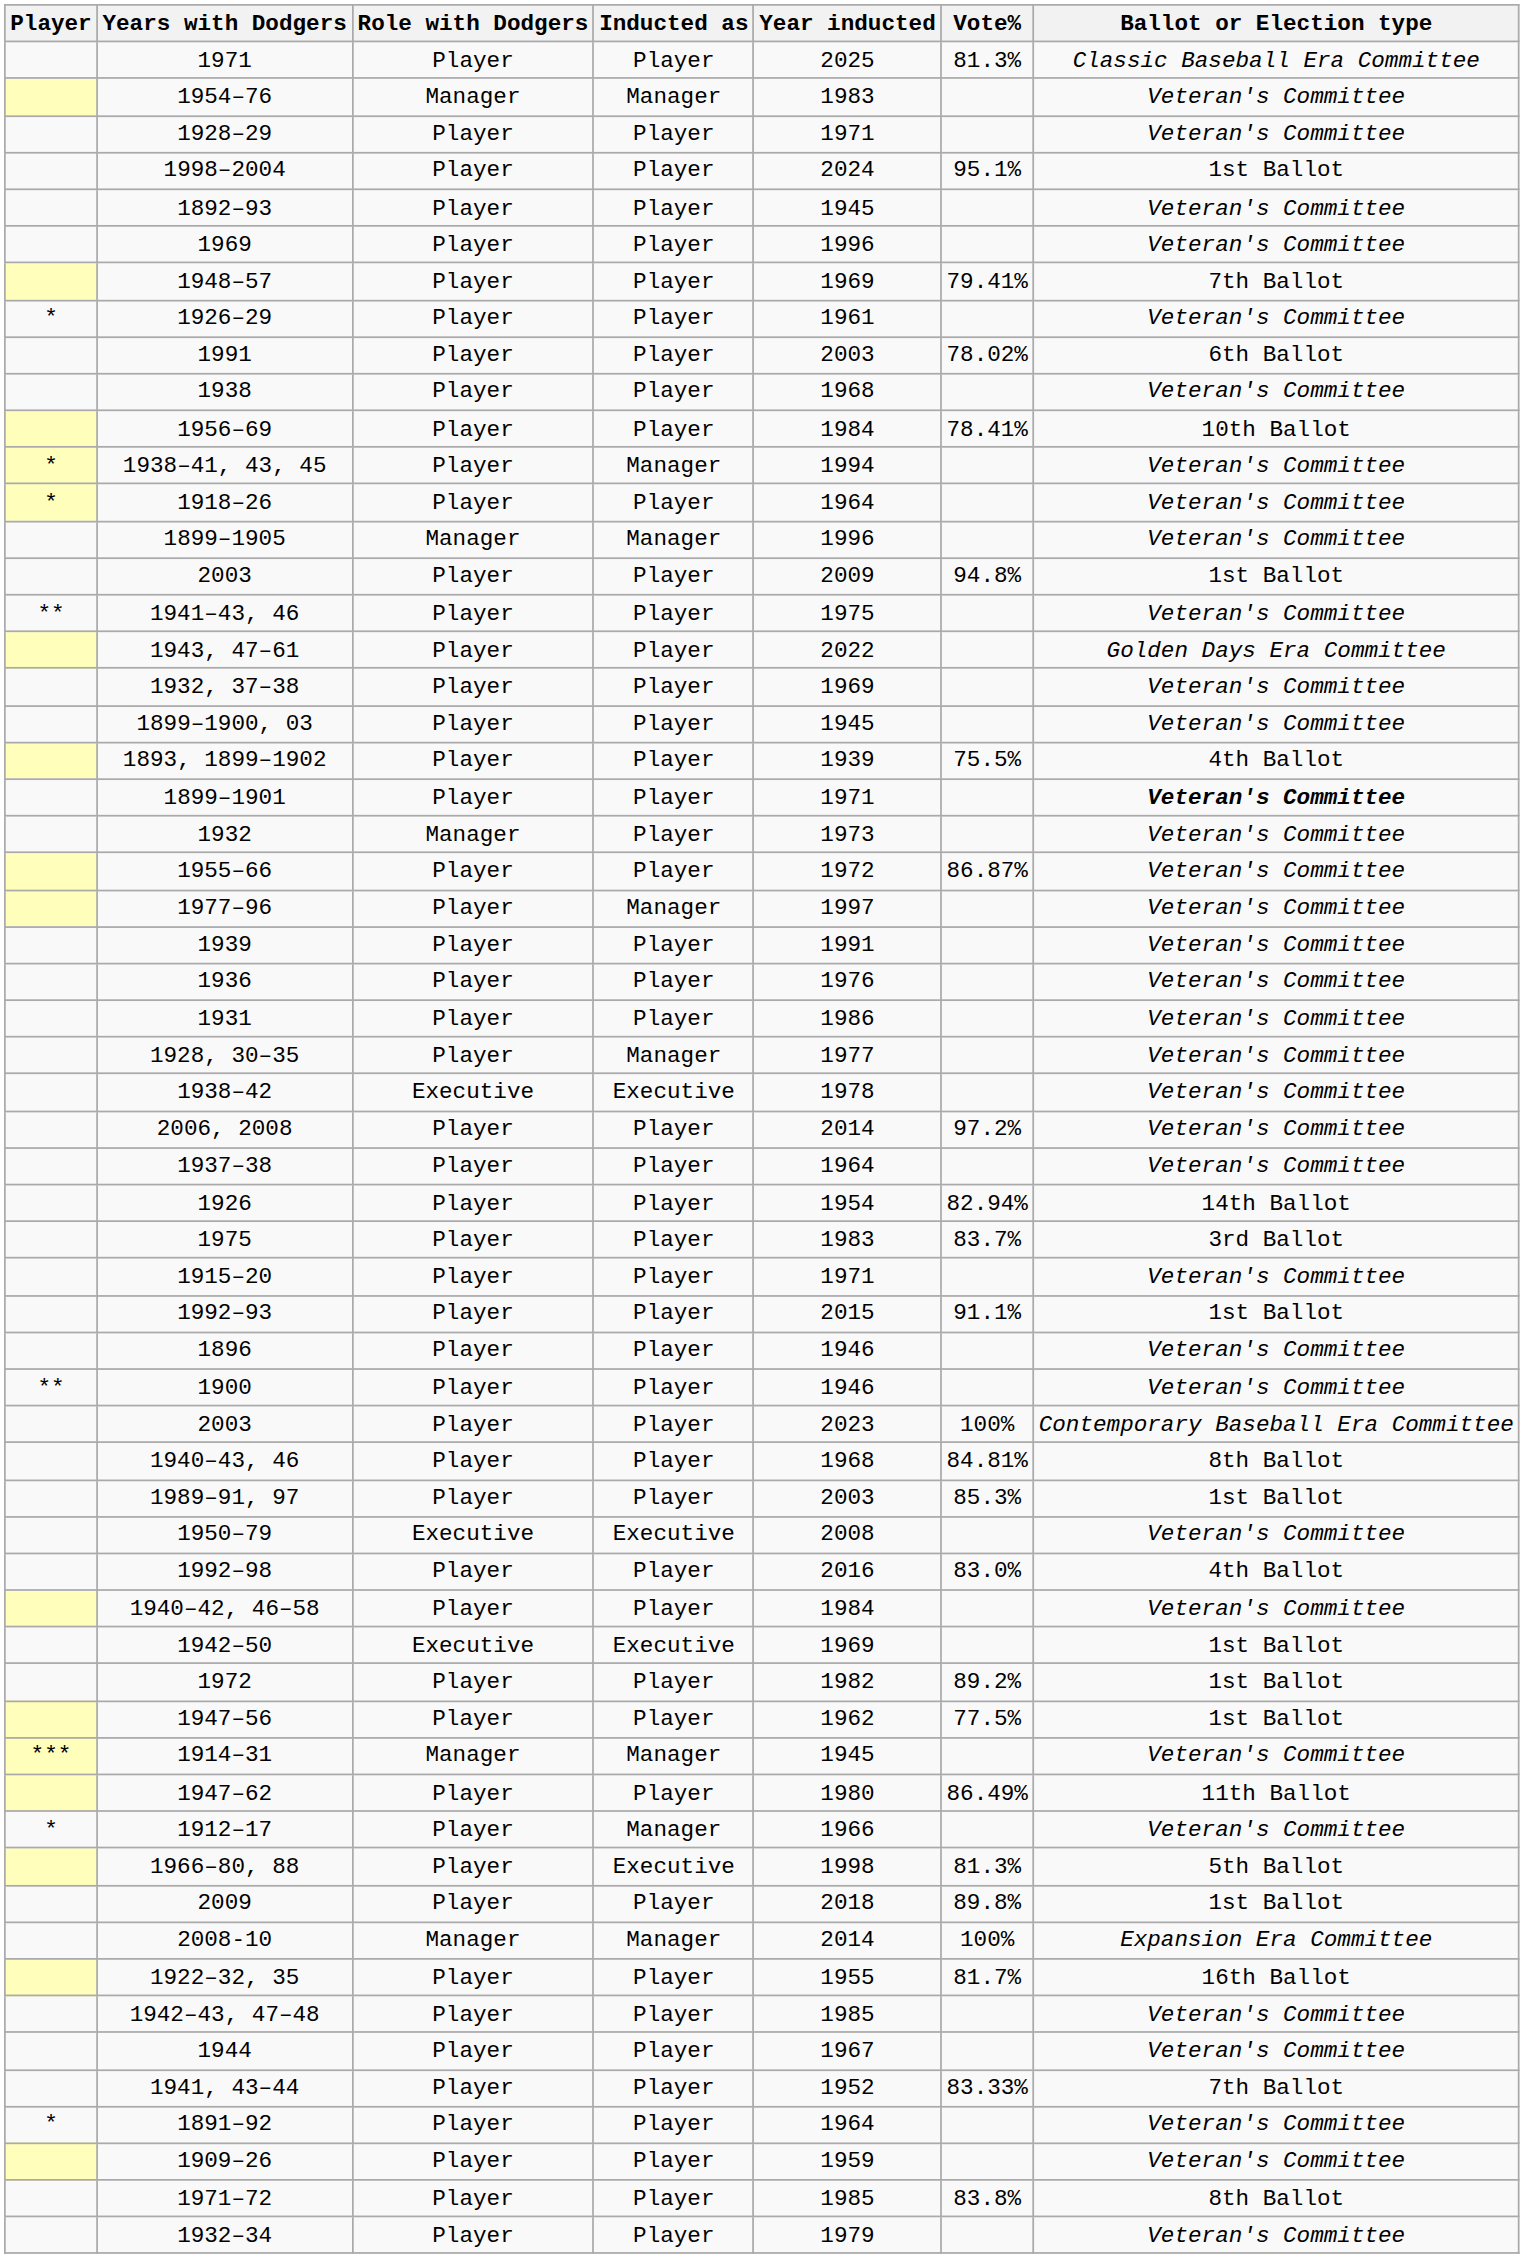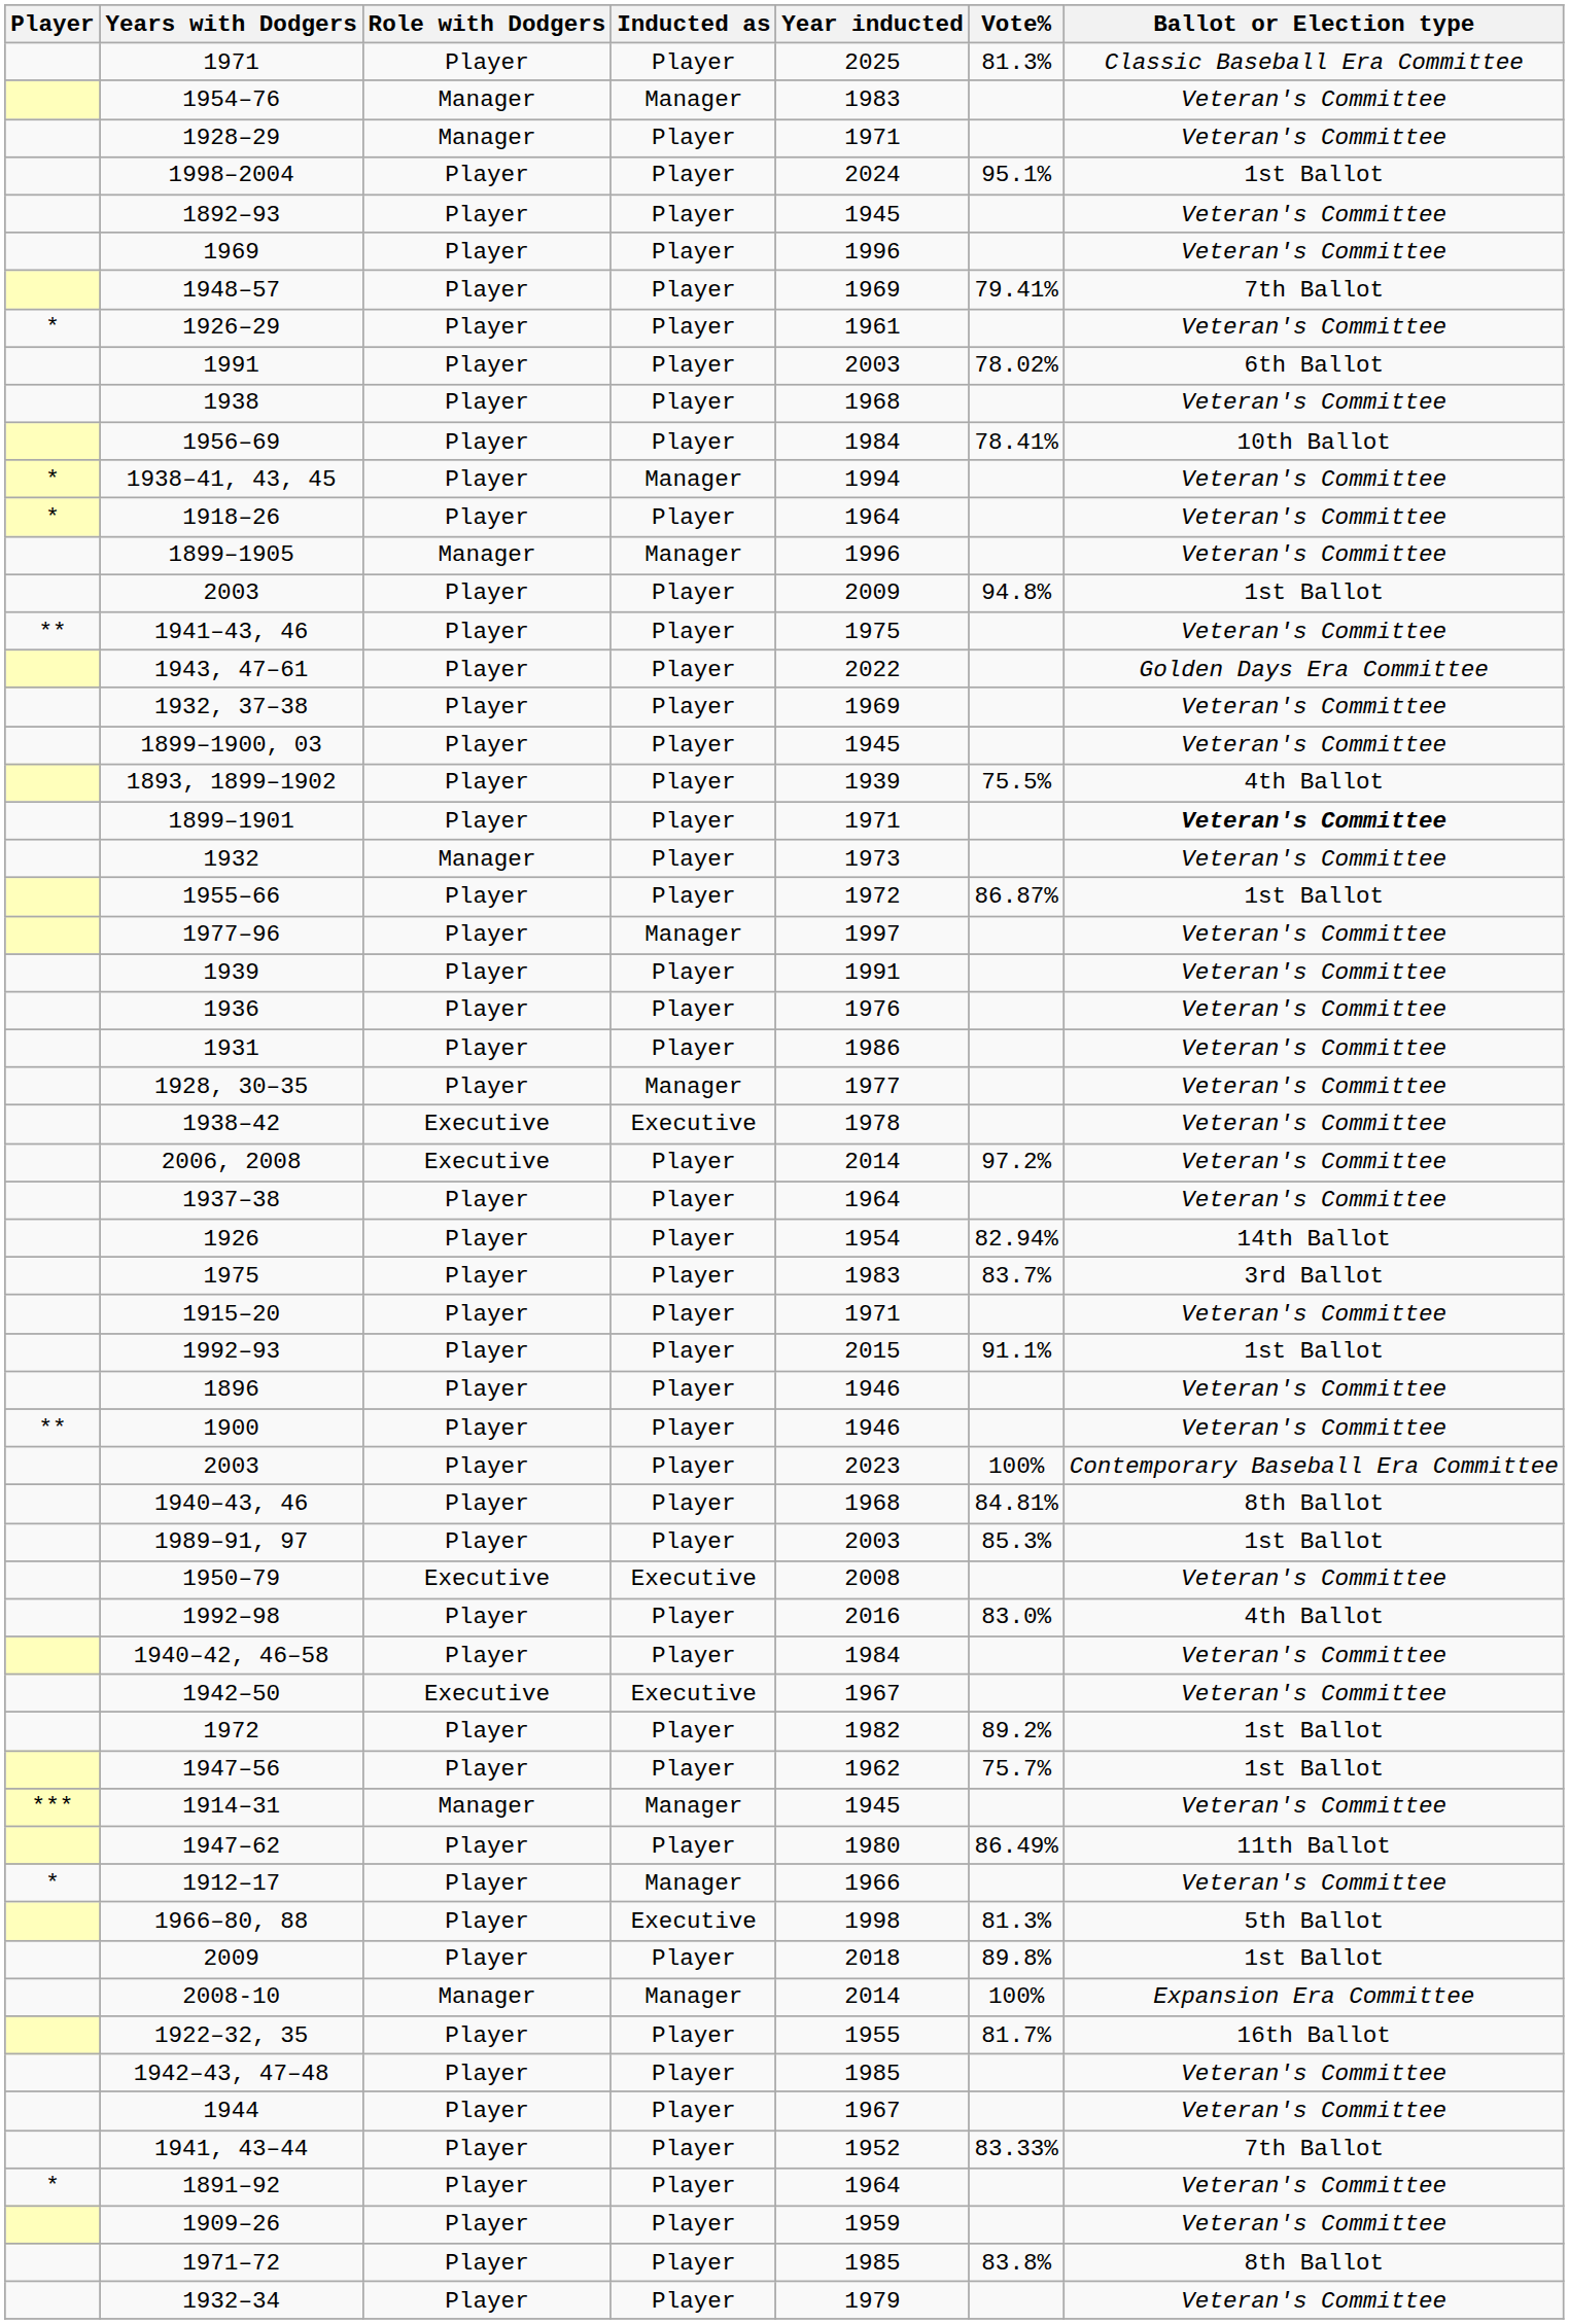 <table class="wikitable sortable" style="text-align:center">
 <tr>
 <th>Player</th>
 <th>Years with Dodgers</th>
 <th>Role with Dodgers</th>
 <th>Inducted as</th>
 <th>Year inducted</th>
 <th>Vote%</th>
 <th>Ballot or Election type</th>
 </tr>
 <tr>
 <td></td>
 <td>1971</td>
 <td>Player</td>
 <td>Player</td>
 <td>2025</td>
 <td>81.3%</td>
 <td><em>Classic Baseball Era Committee</em></td>
 </tr>
 <tr>
 <td style="background:#ffb;"></td>
 <td>1954–76</td>
 <td>Manager</td>
 <td>Manager</td>
 <td>1983</td>
 <td></td>
 <td><em>Veteran's Committee</em></td>
 </tr>
 <tr>
 <td></td>
 <td>1928–29</td>
-<td>Player</td>
+<td>Manager</td>
 <td>Player</td>
 <td>1971</td>
 <td></td>
 <td><em>Veteran's Committee</em></td>
 </tr>
 <tr>
 <td></td>
 <td>1998–2004</td>
 <td>Player</td>
 <td>Player</td>
 <td>2024</td>
 <td>95.1%</td>
 <td>1st Ballot</td>
 </tr>
 <tr>
 <td></td>
 <td>1892–93</td>
 <td>Player</td>
 <td>Player</td>
 <td>1945</td>
 <td></td>
 <td><em>Veteran's Committee</em></td>
 </tr>
 <tr>
 <td></td>
 <td>1969</td>
 <td>Player</td>
 <td>Player</td>
 <td>1996</td>
 <td></td>
 <td><em>Veteran's Committee</em></td>
 </tr>
 <tr>
 <td style="background:#ffb;"></td>
 <td>1948–57</td>
 <td>Player</td>
 <td>Player</td>
 <td>1969</td>
 <td>79.41%</td>
 <td>7th Ballot</td>
 </tr>
 <tr>
 <td>*</td>
 <td>1926–29</td>
 <td>Player</td>
 <td>Player</td>
 <td>1961</td>
 <td></td>
 <td><em>Veteran's Committee</em></td>
 </tr>
 <tr>
 <td></td>
 <td>1991</td>
 <td>Player</td>
 <td>Player</td>
 <td>2003</td>
 <td>78.02%</td>
 <td>6th Ballot</td>
 </tr>
 <tr>
 <td></td>
 <td>1938</td>
 <td>Player</td>
 <td>Player</td>
 <td>1968</td>
 <td></td>
 <td><em>Veteran's Committee</em></td>
 </tr>
 <tr>
 <td style="background:#ffb;"></td>
 <td>1956–69</td>
 <td>Player</td>
 <td>Player</td>
 <td>1984</td>
 <td>78.41%</td>
 <td>10th Ballot</td>
 </tr>
 <tr>
 <td style="background:#ffb;">*</td>
 <td>1938–41, 43, 45</td>
 <td>Player</td>
 <td>Manager</td>
 <td>1994</td>
 <td></td>
 <td><em>Veteran's Committee</em></td>
 </tr>
 <tr>
 <td style="background:#ffb;">*</td>
 <td>1918–26</td>
 <td>Player</td>
 <td>Player</td>
 <td>1964</td>
 <td></td>
 <td><em>Veteran's Committee</em></td>
 </tr>
 <tr>
 <td></td>
 <td>1899–1905</td>
 <td>Manager</td>
 <td>Manager</td>
 <td>1996</td>
 <td></td>
 <td><em>Veteran's Committee</em></td>
 </tr>
 <tr>
 <td></td>
 <td>2003</td>
 <td>Player</td>
 <td>Player</td>
 <td>2009</td>
 <td>94.8%</td>
 <td>1st Ballot</td>
 </tr>
 <tr>
 <td>**</td>
 <td>1941–43, 46</td>
 <td>Player</td>
 <td>Player</td>
 <td>1975</td>
 <td></td>
 <td><em>Veteran's Committee</em></td>
 </tr>
 <tr>
 <td style="background:#ffb;"></td>
 <td>1943, 47–61</td>
 <td>Player</td>
 <td>Player</td>
 <td>2022</td>
 <td></td>
 <td><em>Golden Days Era Committee</em></td>
 </tr>
 <tr>
 <td></td>
 <td>1932, 37–38</td>
 <td>Player</td>
 <td>Player</td>
 <td>1969</td>
 <td></td>
 <td><em>Veteran's Committee</em></td>
 </tr>
 <tr>
 <td></td>
 <td>1899–1900, 03</td>
 <td>Player</td>
 <td>Player</td>
 <td>1945</td>
 <td></td>
 <td><em>Veteran's Committee</em></td>
 </tr>
 <tr>
 <td style="background:#ffb;"></td>
 <td>1893, 1899–1902</td>
 <td>Player</td>
 <td>Player</td>
 <td>1939</td>
 <td>75.5%</td>
 <td>4th Ballot</td>
 </tr>
 <tr>
 <td></td>
 <td>1899–1901</td>
 <td>Player</td>
 <td>Player</td>
 <td>1971</td>
 <td></td>
 <td><strong><em>Veteran's Committee</em></strong></td>
 </tr>
 <tr>
 <td></td>
 <td>1932</td>
 <td>Manager</td>
 <td>Player</td>
 <td>1973</td>
 <td></td>
 <td><em>Veteran's Committee</em></td>
 </tr>
 <tr>
 <td style="background:#ffb;"></td>
 <td>1955–66</td>
 <td>Player</td>
 <td>Player</td>
 <td>1972</td>
 <td>86.87%</td>
-<td><em>Veteran's Committee</em></td>
+<td>1st Ballot</td>
 </tr>
 <tr>
 <td style="background:#ffb;"></td>
 <td>1977–96</td>
 <td>Player</td>
 <td>Manager</td>
 <td>1997</td>
 <td></td>
 <td><em>Veteran's Committee</em></td>
 </tr>
 <tr>
 <td></td>
 <td>1939</td>
 <td>Player</td>
 <td>Player</td>
 <td>1991</td>
 <td></td>
 <td><em>Veteran's Committee</em></td>
 </tr>
 <tr>
 <td></td>
 <td>1936</td>
 <td>Player</td>
 <td>Player</td>
 <td>1976</td>
 <td></td>
 <td><em>Veteran's Committee</em></td>
 </tr>
 <tr>
 <td></td>
 <td>1931</td>
 <td>Player</td>
 <td>Player</td>
 <td>1986</td>
 <td></td>
 <td><em>Veteran's Committee</em></td>
 </tr>
 <tr>
 <td></td>
 <td>1928, 30–35</td>
 <td>Player</td>
 <td>Manager</td>
 <td>1977</td>
 <td></td>
 <td><em>Veteran's Committee</em></td>
 </tr>
 <tr>
 <td></td>
 <td>1938–42</td>
 <td>Executive</td>
 <td>Executive</td>
 <td>1978</td>
 <td></td>
 <td><em>Veteran's Committee</em></td>
 </tr>
 <tr>
 <td></td>
 <td>2006, 2008</td>
-<td>Player</td>
+<td>Executive</td>
 <td>Player</td>
 <td>2014</td>
 <td>97.2%</td>
 <td><em>Veteran's Committee</em></td>
 </tr>
 <tr>
 <td></td>
 <td>1937–38</td>
 <td>Player</td>
 <td>Player</td>
 <td>1964</td>
 <td></td>
 <td><em>Veteran's Committee</em></td>
 </tr>
 <tr>
 <td></td>
 <td>1926</td>
 <td>Player</td>
 <td>Player</td>
 <td>1954</td>
 <td>82.94%</td>
 <td>14th Ballot</td>
 </tr>
 <tr>
 <td></td>
 <td>1975</td>
 <td>Player</td>
 <td>Player</td>
 <td>1983</td>
 <td>83.7%</td>
 <td>3rd Ballot</td>
 </tr>
 <tr>
 <td></td>
 <td>1915–20</td>
 <td>Player</td>
 <td>Player</td>
 <td>1971</td>
 <td></td>
 <td><em>Veteran's Committee</em></td>
 </tr>
 <tr>
 <td></td>
 <td>1992–93</td>
 <td>Player</td>
 <td>Player</td>
 <td>2015</td>
 <td>91.1%</td>
 <td>1st Ballot</td>
 </tr>
 <tr>
 <td></td>
 <td>1896</td>
 <td>Player</td>
 <td>Player</td>
 <td>1946</td>
 <td></td>
 <td><em>Veteran's Committee</em></td>
 </tr>
 <tr>
 <td>**</td>
 <td>1900</td>
 <td>Player</td>
 <td>Player</td>
 <td>1946</td>
 <td></td>
 <td><em>Veteran's Committee</em></td>
 </tr>
 <tr>
 <td></td>
 <td>2003</td>
 <td>Player</td>
 <td>Player</td>
 <td>2023</td>
 <td>100%</td>
 <td><em>Contemporary Baseball Era Committee</em></td>
 </tr>
 <tr>
 <td></td>
 <td>1940–43, 46</td>
 <td>Player</td>
 <td>Player</td>
 <td>1968</td>
 <td>84.81%</td>
 <td>8th Ballot</td>
 </tr>
 <tr>
 <td></td>
 <td>1989–91, 97</td>
 <td>Player</td>
 <td>Player</td>
 <td>2003</td>
 <td>85.3%</td>
 <td>1st Ballot</td>
 </tr>
 <tr>
 <td></td>
 <td>1950–79</td>
 <td>Executive</td>
 <td>Executive</td>
 <td>2008</td>
 <td></td>
 <td><em>Veteran's Committee</em></td>
 </tr>
 <tr>
 <td></td>
 <td>1992–98</td>
 <td>Player</td>
 <td>Player</td>
 <td>2016</td>
 <td>83.0%</td>
 <td>4th Ballot</td>
 </tr>
 <tr>
 <td style="background:#ffb;"></td>
 <td>1940–42, 46–58</td>
 <td>Player</td>
 <td>Player</td>
 <td>1984</td>
 <td></td>
 <td><em>Veteran's Committee</em></td>
 </tr>
 <tr>
 <td></td>
 <td>1942–50</td>
 <td>Executive</td>
 <td>Executive</td>
-<td>1969</td>
+<td>1967</td>
 <td></td>
-<td>1st Ballot</td>
+<td><em>Veteran's Committee</em></td>
 </tr>
 <tr>
 <td></td>
 <td>1972</td>
 <td>Player</td>
 <td>Player</td>
 <td>1982</td>
 <td>89.2%</td>
 <td>1st Ballot</td>
 </tr>
 <tr>
 <td style="background:#ffb;"></td>
 <td>1947–56</td>
 <td>Player</td>
 <td>Player</td>
 <td>1962</td>
-<td>77.5%</td>
+<td>75.7%</td>
 <td>1st Ballot</td>
 </tr>
 <tr>
 <td style="background:#ffb;">***</td>
 <td>1914–31</td>
 <td>Manager</td>
 <td>Manager</td>
 <td>1945</td>
 <td></td>
 <td><em>Veteran's Committee</em></td>
 </tr>
 <tr>
 <td style="background:#ffb;"></td>
 <td>1947–62</td>
 <td>Player</td>
 <td>Player</td>
 <td>1980</td>
 <td>86.49%</td>
 <td>11th Ballot</td>
 </tr>
 <tr>
 <td>*</td>
 <td>1912–17</td>
 <td>Player</td>
 <td>Manager</td>
 <td>1966</td>
 <td></td>
 <td><em>Veteran's Committee</em></td>
 </tr>
 <tr>
 <td style="background:#ffb;"></td>
 <td>1966–80, 88</td>
 <td>Player</td>
 <td>Executive</td>
 <td>1998</td>
 <td>81.3%</td>
 <td>5th Ballot</td>
 </tr>
 <tr>
 <td></td>
 <td>2009</td>
 <td>Player</td>
 <td>Player</td>
 <td>2018</td>
 <td>89.8%</td>
 <td>1st Ballot</td>
 </tr>
 <tr>
 <td></td>
 <td>2008-10</td>
 <td>Manager</td>
 <td>Manager</td>
 <td>2014</td>
 <td>100%</td>
 <td><em>Expansion Era Committee</em></td>
 </tr>
 <tr>
 <td style="background:#ffb;"></td>
 <td>1922–32, 35</td>
 <td>Player</td>
 <td>Player</td>
 <td>1955</td>
 <td>81.7%</td>
 <td>16th Ballot</td>
 </tr>
 <tr>
 <td></td>
 <td>1942–43, 47–48</td>
 <td>Player</td>
 <td>Player</td>
 <td>1985</td>
 <td></td>
 <td><em>Veteran's Committee</em></td>
 </tr>
 <tr>
 <td></td>
 <td>1944</td>
 <td>Player</td>
 <td>Player</td>
 <td>1967</td>
 <td></td>
 <td><em>Veteran's Committee</em></td>
 </tr>
 <tr>
 <td></td>
 <td>1941, 43–44</td>
 <td>Player</td>
 <td>Player</td>
 <td>1952</td>
 <td>83.33%</td>
 <td>7th Ballot</td>
 </tr>
 <tr>
 <td>*</td>
 <td>1891–92</td>
 <td>Player</td>
 <td>Player</td>
 <td>1964</td>
 <td></td>
 <td><em>Veteran's Committee</em></td>
 </tr>
 <tr>
 <td style="background:#ffb;"></td>
 <td>1909–26</td>
 <td>Player</td>
 <td>Player</td>
 <td>1959</td>
 <td></td>
 <td><em>Veteran's Committee</em></td>
 </tr>
 <tr>
 <td></td>
 <td>1971–72</td>
 <td>Player</td>
 <td>Player</td>
 <td>1985</td>
 <td>83.8%</td>
 <td>8th Ballot</td>
 </tr>
 <tr>
 <td></td>
 <td>1932–34</td>
 <td>Player</td>
 <td>Player</td>
 <td>1979</td>
 <td></td>
 <td><em>Veteran's Committee</em></td>
 </tr>
 </table>
